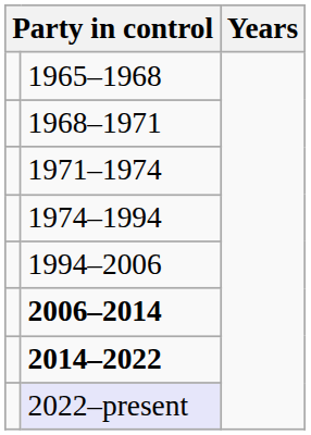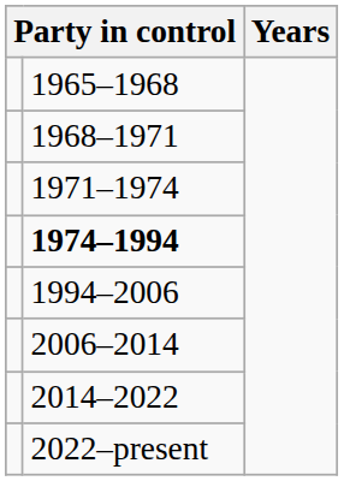 <table class="wikitable">
 <tr>
 <th colspan="2">Party in control</th>
 <th>Years</th>
 </tr>
 <tr>
 <td></td>
 <td>1965–1968</td>
 </tr>
 <tr>
 <td></td>
 <td>1968–1971</td>
 </tr>
 <tr>
 <td></td>
 <td>1971–1974</td>
 </tr>
 <tr>
 <td></td>
-<td>1974–1994</td>
+<td><strong>1974–1994</strong></td>
 </tr>
 <tr>
 <td></td>
 <td>1994–2006</td>
 </tr>
 <tr>
 <td></td>
-<td><strong>2006–2014</strong></td>
+<td>2006–2014</td>
 </tr>
 <tr>
 <td></td>
-<td><strong>2014–2022</strong></td>
+<td>2014–2022</td>
 </tr>
 <tr>
 <td></td>
-<td style="background: lavender;">2022–present</td>
+<td>2022–present</td>
 </tr>
 </table>
